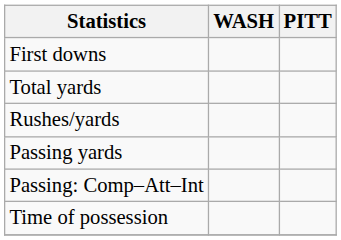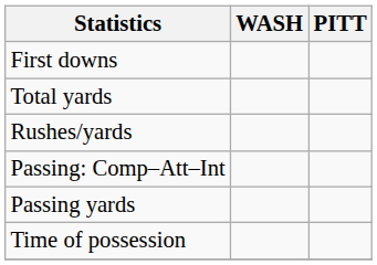 <table class="wikitable" style="float: left;">
 <tr>
 <th>Statistics</th>
 <th>WASH</th>
 <th>PITT</th>
 </tr>
 <tr>
 <td>First downs</td>
 <td></td>
 <td></td>
 </tr>
 <tr>
 <td>Total yards</td>
 <td></td>
 <td></td>
 </tr>
 <tr>
 <td>Rushes/yards</td>
 <td></td>
 <td></td>
 </tr>
 <tr>
-<td>Passing yards</td>
+<td>Passing: Comp–Att–Int</td>
 <td></td>
 <td></td>
 </tr>
 <tr>
-<td>Passing: Comp–Att–Int</td>
+<td>Passing yards</td>
 <td></td>
 <td></td>
 </tr>
 <tr>
 <td>Time of possession</td>
 <td></td>
 <td></td>
 </tr>
 <tr>
 </tr>
 </table>
